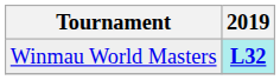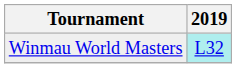 <table class="wikitable">
 <tr>
 <th>Tournament</th>
 <th>2019</th>
 </tr>
 <tr>
 <td style="background:#efefef;"><a href='#'>Winmau World Masters</a></td>
-<td style="text-align:center; background:#afeeee;"><strong><a href='#'>L32</a></strong></td>
+<td style="text-align:center; background:#afeeee;"><a href='#'>L32</a></td>
 </tr>
 <tr>
 </tr>
 </table>
